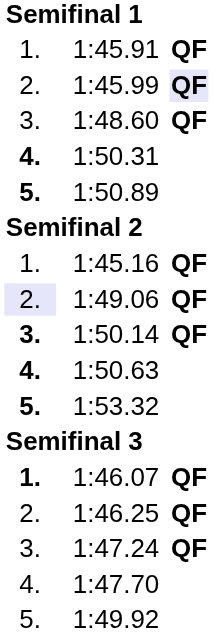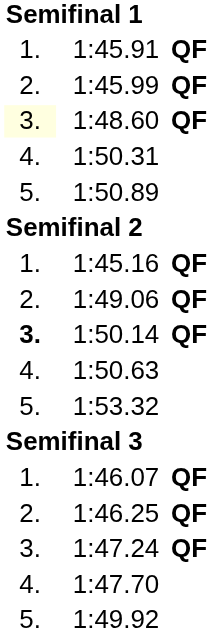 <table style="text-align:center">
 <tr>
 <td colspan=4 align=left><strong>Semifinal 1</strong></td>
 </tr>
 <tr>
 <td width=30>1.</td>
 <td align=left></td>
 <td width=60>1:45.91</td>
 <td><strong>QF</strong></td>
 </tr>
 <tr>
 <td>2.</td>
 <td align=left></td>
 <td>1:45.99</td>
-<td style="background: lavender;"><strong>QF</strong></td>
+<td><strong>QF</strong></td>
 </tr>
 <tr>
-<td>3.</td>
+<td style="background: lightyellow;">3.</td>
 <td align=left></td>
 <td>1:48.60</td>
 <td><strong>QF</strong></td>
 </tr>
 <tr>
-<td><strong>4.</strong></td>
+<td>4.</td>
 <td align=left></td>
 <td>1:50.31</td>
 <td></td>
 </tr>
 <tr>
-<td><strong>5.</strong></td>
+<td>5.</td>
 <td align=left></td>
 <td>1:50.89</td>
 <td></td>
 </tr>
 <tr>
 <td colspan=4 align=left><strong>Semifinal 2</strong></td>
 </tr>
 <tr>
 <td width=30>1.</td>
 <td align=left></td>
 <td width=60>1:45.16</td>
 <td><strong>QF</strong></td>
 </tr>
 <tr>
-<td style="background: lavender;">2.</td>
+<td>2.</td>
 <td align=left></td>
 <td>1:49.06</td>
 <td><strong>QF</strong></td>
 </tr>
 <tr>
 <td><strong>3.</strong></td>
 <td align=left></td>
 <td>1:50.14</td>
 <td><strong>QF</strong></td>
 </tr>
 <tr>
-<td><strong>4.</strong></td>
+<td>4.</td>
 <td align=left></td>
 <td>1:50.63</td>
 <td></td>
 </tr>
 <tr>
-<td><strong>5.</strong></td>
+<td>5.</td>
 <td align=left></td>
 <td>1:53.32</td>
 <td></td>
 </tr>
 <tr>
 <td colspan=4 align=left><strong>Semifinal 3</strong></td>
 </tr>
 <tr>
-<td width=30><strong>1.</strong></td>
+<td width=30>1.</td>
 <td align=left></td>
 <td width=60>1:46.07</td>
 <td><strong>QF</strong></td>
 </tr>
 <tr>
 <td>2.</td>
 <td align=left></td>
 <td>1:46.25</td>
 <td><strong>QF</strong></td>
 </tr>
 <tr>
 <td>3.</td>
 <td align=left></td>
 <td>1:47.24</td>
 <td><strong>QF</strong></td>
 </tr>
 <tr>
 <td>4.</td>
 <td align=left></td>
 <td>1:47.70</td>
 <td></td>
 </tr>
 <tr>
 <td>5.</td>
 <td align=left></td>
 <td>1:49.92</td>
 <td></td>
 </tr>
 </table>
